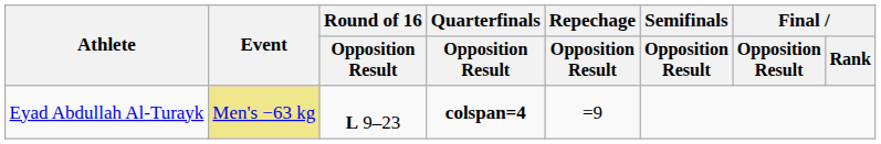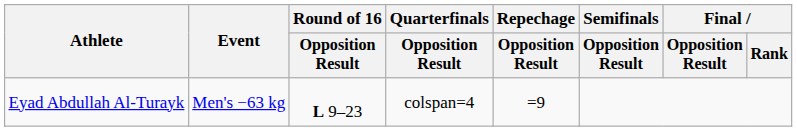 <table class="wikitable" style="font-size:90%;">
 <tr>
 <th rowspan=2>Athlete</th>
 <th rowspan=2>Event</th>
 <th>Round of 16</th>
 <th>Quarterfinals</th>
 <th>Repechage</th>
 <th>Semifinals</th>
 <th colspan=2>Final / </th>
 </tr>
 <tr style="font-size:95%">
 <th>Opposition<br>Result</th>
 <th>Opposition<br>Result</th>
 <th>Opposition<br>Result</th>
 <th>Opposition<br>Result</th>
 <th>Opposition<br>Result</th>
 <th>Rank</th>
 </tr>
 <tr align=center>
 <td align=left><a href='#'>Eyad Abdullah Al-Turayk</a></td>
-<td align=left style="background: khaki;"><a href='#'>Men's −63 kg</a></td>
+<td align=left><a href='#'>Men's −63 kg</a></td>
 <td><br><strong>L</strong> 9–23</td>
-<td><strong>colspan=4 </strong></td>
+<td>colspan=4 </td>
 <td>=9</td>
 </tr>
 </table>
